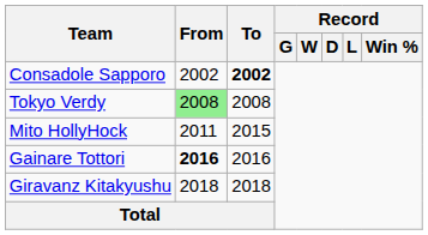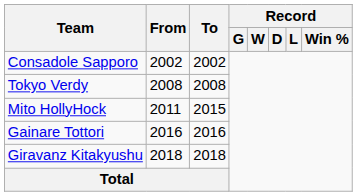 <table class="wikitable" style="text-align: center">
 <tr>
 <th rowspan="2">Team</th>
 <th rowspan="2">From</th>
 <th rowspan="2">To</th>
 <th colspan="5">Record</th>
 </tr>
 <tr>
 <th>G</th>
 <th>W</th>
 <th>D</th>
 <th>L</th>
 <th>Win %</th>
 </tr>
 <tr>
 <td align="left"><a href='#'>Consadole Sapporo</a></td>
 <td align="left">2002</td>
-<td align="left"><strong>2002<br></strong></td>
+<td align="left">2002<br></td>
 </tr>
 <tr>
 <td align="left"><a href='#'>Tokyo Verdy</a></td>
-<td align="left" style="background: lightgreen;">2008</td>
+<td align="left">2008</td>
 <td align="left">2008<br></td>
 </tr>
 <tr>
 <td align="left"><a href='#'>Mito HollyHock</a></td>
 <td align="left">2011</td>
 <td align="left">2015<br></td>
 </tr>
 <tr>
 <td align="left"><a href='#'>Gainare Tottori</a></td>
-<td align="left"><strong>2016</strong></td>
+<td align="left">2016</td>
 <td align="left">2016<br></td>
 </tr>
 <tr>
 <td align="left"><a href='#'>Giravanz Kitakyushu</a></td>
 <td align="left">2018</td>
 <td align="left">2018<br></td>
 </tr>
 <tr>
 <th colspan="3">Total<br></th>
 </tr>
 </table>
